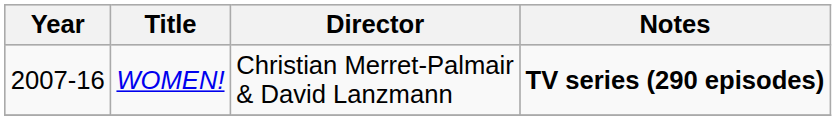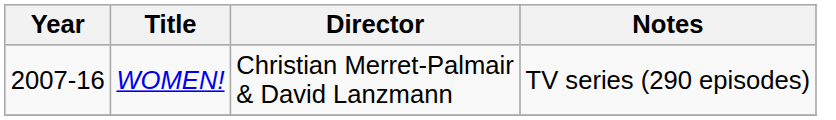 <table class="wikitable sortable">
 <tr>
 <th>Year</th>
 <th>Title</th>
 <th>Director</th>
 <th class="unsortable">Notes</th>
 </tr>
 <tr>
 <td>2007-16</td>
 <td><em><a href='#'>WOMEN!</a></em></td>
 <td>Christian Merret-Palmair<br>& David Lanzmann</td>
-<td><strong>TV series (290 episodes)</strong></td>
+<td>TV series (290 episodes)</td>
 </tr>
 <tr>
 </tr>
 </table>
